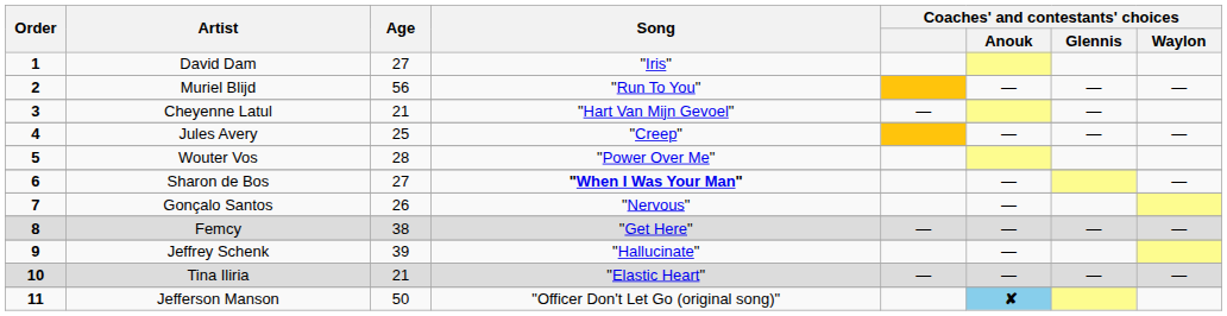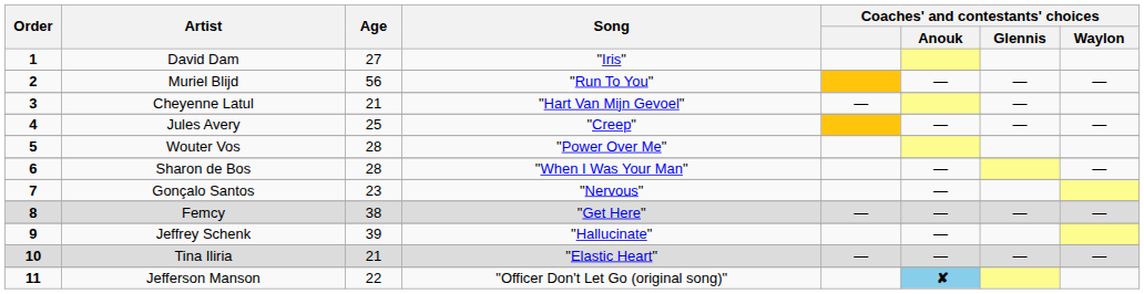 <table class="wikitable" style="text-align:center; line-height:17px; width:100%;">
 <tr>
 <th rowspan="2" scope="col" style="width:05%;">Order</th>
 <th rowspan="2" scope="col" style="width:25%;">Artist</th>
 <th rowspan="2" scope="col" style="width:05%;">Age</th>
 <th rowspan="2" scope="col" style="width:37%;">Song</th>
 <th colspan="4">Coaches' and contestants' choices</th>
 </tr>
 <tr>
 <th style="width:07%;"></th>
 <th nowrap="" style="width:07%;">Anouk</th>
 <th style="width:07%;">Glennis</th>
 <th style="width:07%;">Waylon</th>
 </tr>
 <tr>
 <td style="text-align:center"><strong>1</strong></td>
 <td>David Dam</td>
 <td>27</td>
 <td>"<a href='#'>Iris</a>"</td>
 <td><strong></strong></td>
 <td style="background:#fdfc8f"><strong></strong></td>
 <td><strong></strong></td>
 <td><strong></strong></td>
 </tr>
 <tr>
 </tr>
 <tr>
 <td style="text-align:center"><strong>2</strong></td>
 <td>Muriel Blijd</td>
 <td>56</td>
 <td>"<a href='#'>Run To You</a>"</td>
 <td style="background: #ffc40c"><strong></strong></td>
 <td>—</td>
 <td>—</td>
 <td>—</td>
 </tr>
 <tr>
 </tr>
 <tr>
 <td style="text-align:center"><strong>3</strong></td>
 <td>Cheyenne Latul</td>
 <td>21</td>
 <td>"<a href='#'>Hart Van Mijn Gevoel</a>"</td>
 <td>—</td>
 <td style="background:#fdfc8f"><strong></strong></td>
 <td>—</td>
 <td><strong></strong></td>
 </tr>
 <tr>
 </tr>
 <tr>
 <td style="text-align:center"><strong>4</strong></td>
 <td>Jules Avery</td>
 <td>25</td>
 <td>"<a href='#'>Creep</a>"</td>
 <td style="background: #ffc40c"><strong></strong></td>
 <td>—</td>
 <td>—</td>
 <td>—</td>
 </tr>
 <tr>
 </tr>
 <tr>
 <td style="text-align:center"><strong>5</strong></td>
 <td>Wouter Vos</td>
 <td>28</td>
 <td>"<a href='#'>Power Over Me</a>"</td>
 <td><strong></strong></td>
 <td style="background:#fdfc8f"><strong></strong></td>
 <td><strong></strong></td>
 <td><strong></strong></td>
 </tr>
 <tr>
 </tr>
 <tr>
 <td style="text-align:center"><strong>6</strong></td>
 <td>Sharon de Bos</td>
-<td>27</td>
-<td><strong>"<a href='#'>When I Was Your Man</a>"</strong></td>
+<td>28</td>
+<td>"<a href='#'>When I Was Your Man</a>"</td>
 <td><strong></strong></td>
 <td>—</td>
 <td style="background:#fdfc8f"><strong></strong></td>
 <td>—</td>
 </tr>
 <tr>
 </tr>
 <tr>
 <td><strong>7</strong></td>
 <td>Gonçalo Santos</td>
-<td>26</td>
+<td>23</td>
 <td>"<a href='#'>Nervous</a>"</td>
 <td><strong></strong></td>
 <td>—</td>
 <td><strong></strong></td>
 <td style="background:#fdfc8f"><strong></strong></td>
 </tr>
 <tr>
 </tr>
 <tr bgcolor=dcdcdc>
 <td><strong>8</strong></td>
 <td>Femcy</td>
 <td>38</td>
 <td>"<a href='#'>Get Here</a>"</td>
 <td>—</td>
 <td>—</td>
 <td>—</td>
 <td>—</td>
 </tr>
 <tr>
 </tr>
 <tr>
 <td style="text-align:center"><strong>9</strong></td>
 <td>Jeffrey Schenk</td>
 <td>39</td>
 <td>"<a href='#'>Hallucinate</a>"</td>
 <td><strong></strong></td>
 <td>—</td>
 <td><strong></strong></td>
 <td style="background:#fdfc8f"><strong></strong></td>
 </tr>
 <tr>
 </tr>
 <tr bgcolor=dcdcdc>
 <td><strong>10</strong></td>
 <td>Tina Iliria</td>
 <td>21</td>
 <td>"<a href='#'>Elastic Heart</a>"</td>
 <td>—</td>
 <td>—</td>
 <td>—</td>
 <td>—</td>
 </tr>
 <tr>
 </tr>
 <tr>
 <td style="text-align:center"><strong>11</strong></td>
 <td>Jefferson Manson</td>
-<td>50</td>
+<td>22</td>
 <td>"Officer Don't Let Go (original song)"</td>
 <td><strong></strong></td>
 <td style="background:#87ceeb"> <strong>✘</strong></td>
 <td style="background:#fdfc8f"><strong></strong></td>
 <td><strong></strong></td>
 </tr>
 </table>
